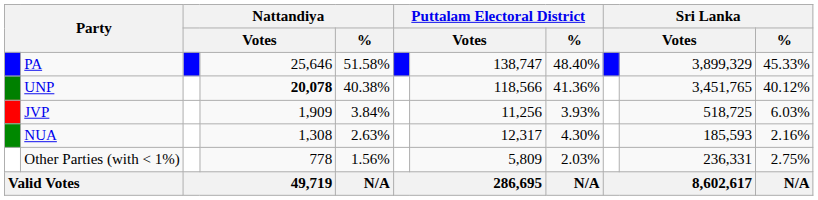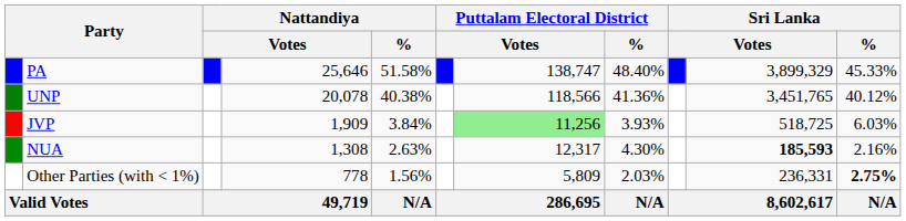 <table class="wikitable">
 <tr>
 <th colspan="2" width="144px"rowspan="2">Party</th>
 <th colspan="3" width="216px">Nattandiya</th>
 <th colspan="3" width="216px"><a href='#'>Puttalam Electoral District</a></th>
 <th colspan="3" width="216px">Sri Lanka</th>
 </tr>
 <tr>
 <th colspan="2" width="144px">Votes</th>
 <th>%</th>
 <th colspan="2" width="144px">Votes</th>
 <th>%</th>
 <th colspan="2" width="144px">Votes</th>
 <th>%</th>
 </tr>
 <tr>
 <td style="background-color:blue;" width="10px"></td>
 <td style="text-align:left;"><a href='#'>PA</a></td>
 <td style="background-color:blue;" width="10px"></td>
 <td style="text-align:right;">25,646</td>
 <td style="text-align:right;">51.58%</td>
 <td style="background-color:blue;" width="10px"></td>
 <td style="text-align:right;">138,747</td>
 <td style="text-align:right;">48.40%</td>
 <td style="background-color:blue;" width="10px"></td>
 <td style="text-align:right;">3,899,329</td>
 <td style="text-align:right;">45.33%</td>
 </tr>
 <tr>
 <td style="background-color:green;" width="10px"></td>
 <td style="text-align:left;"><a href='#'>UNP</a></td>
 <td style="background-color:white;" width="10px"></td>
-<td style="text-align:right;"><strong>20,078</strong></td>
+<td style="text-align:right;">20,078</td>
 <td style="text-align:right;">40.38%</td>
 <td style="background-color:white;" width="10px"></td>
 <td style="text-align:right;">118,566</td>
 <td style="text-align:right;">41.36%</td>
 <td style="background-color:white;" width="10px"></td>
 <td style="text-align:right;">3,451,765</td>
 <td style="text-align:right;">40.12%</td>
 </tr>
 <tr>
 <td style="background-color:red;" width="10px"></td>
 <td style="text-align:left;"><a href='#'>JVP</a></td>
 <td style="background-color:white;" width="10px"></td>
 <td style="text-align:right;">1,909</td>
 <td style="text-align:right;">3.84%</td>
 <td style="background-color:white;" width="10px"></td>
-<td style="text-align:right;">11,256</td>
+<td style="background: lightgreen; text-align:right;">11,256</td>
 <td style="text-align:right;">3.93%</td>
 <td style="background-color:white;" width="10px"></td>
 <td style="text-align:right;">518,725</td>
 <td style="text-align:right;">6.03%</td>
 </tr>
 <tr>
 <td style="background-color:#008800;" width="10px"></td>
 <td style="text-align:left;"><a href='#'>NUA</a></td>
 <td style="background-color:white;" width="10px"></td>
 <td style="text-align:right;">1,308</td>
 <td style="text-align:right;">2.63%</td>
 <td style="background-color:white;" width="10px"></td>
 <td style="text-align:right;">12,317</td>
 <td style="text-align:right;">4.30%</td>
 <td style="background-color:white;" width="10px"></td>
-<td style="text-align:right;">185,593</td>
+<td style="text-align:right;"><strong>185,593</strong></td>
 <td style="text-align:right;">2.16%</td>
 </tr>
 <tr>
 <td style="background-color:white;" width="10px"></td>
 <td style="text-align:left;">Other Parties (with < 1%)</td>
 <td style="background-color:white;" width="10px"></td>
 <td style="text-align:right;">778</td>
 <td style="text-align:right;">1.56%</td>
 <td style="background-color:white;" width="10px"></td>
 <td style="text-align:right;">5,809</td>
 <td style="text-align:right;">2.03%</td>
 <td style="background-color:white;" width="10px"></td>
 <td style="text-align:right;">236,331</td>
-<td style="text-align:right;">2.75%</td>
+<td style="text-align:right;"><strong>2.75%</strong></td>
 </tr>
 <tr>
 <th colspan="2" width="144px"style="text-align:left;">Valid Votes</th>
 <th style="text-align:right;"colspan="2" width="144px">49,719</th>
 <th style="text-align:right;">N/A</th>
 <th style="text-align:right;"colspan="2" width="144px">286,695</th>
 <th style="text-align:right;">N/A</th>
 <th style="text-align:right;"colspan="2" width="144px">8,602,617</th>
 <th style="text-align:right;">N/A</th>
 </tr>
 </table>
